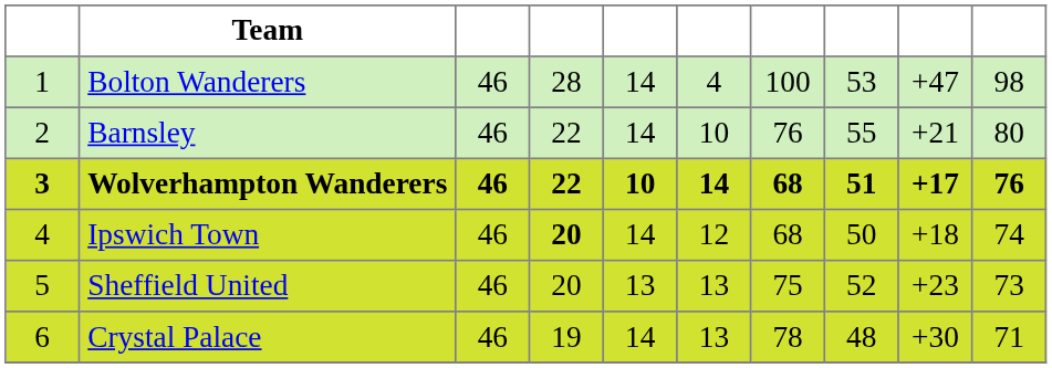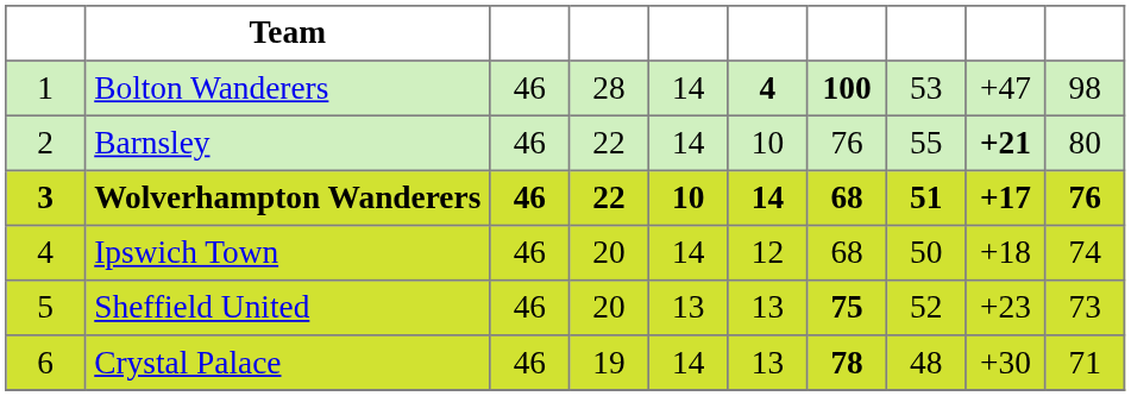 <table class="toccolours" border="1" cellpadding="4" cellspacing="0" style="text-align:center; border-collapse: collapse; margin:0;">
 <tr>
 <th width=30></th>
 <th>Team</th>
 <th width="30"></th>
 <th width="30"></th>
 <th width="30"></th>
 <th width="30"></th>
 <th width="30"></th>
 <th width="30"></th>
 <th width="30"></th>
 <th width="30"></th>
 </tr>
 <tr bgcolor="#D0F0C0">
 <td>1</td>
 <td align=left><a href='#'>Bolton Wanderers</a></td>
 <td>46</td>
 <td>28</td>
 <td>14</td>
-<td>4</td>
-<td>100</td>
+<td><strong>4</strong></td>
+<td><strong>100</strong></td>
 <td>53</td>
 <td>+47</td>
 <td>98</td>
 </tr>
 <tr bgcolor="#D0F0C0">
 <td>2</td>
 <td align=left><a href='#'>Barnsley</a></td>
 <td>46</td>
 <td>22</td>
 <td>14</td>
 <td>10</td>
 <td>76</td>
 <td>55</td>
-<td>+21</td>
+<td><strong>+21</strong></td>
 <td>80</td>
 </tr>
 <tr bgcolor="#D1E231">
 <td><strong>3</strong></td>
 <td align=left><strong>Wolverhampton Wanderers</strong></td>
 <td><strong>46</strong></td>
 <td><strong>22</strong></td>
 <td><strong>10</strong></td>
 <td><strong>14</strong></td>
 <td><strong>68</strong></td>
 <td><strong>51</strong></td>
 <td><strong>+17</strong></td>
 <td><strong>76</strong></td>
 </tr>
 <tr bgcolor="#D1E231">
 <td>4</td>
 <td align=left><a href='#'>Ipswich Town</a></td>
 <td>46</td>
-<td><strong>20</strong></td>
+<td>20</td>
 <td>14</td>
 <td>12</td>
 <td>68</td>
 <td>50</td>
 <td>+18</td>
 <td>74</td>
 </tr>
 <tr bgcolor="#D1E231">
 <td>5</td>
 <td align=left><a href='#'>Sheffield United</a></td>
 <td>46</td>
 <td>20</td>
 <td>13</td>
 <td>13</td>
-<td>75</td>
+<td><strong>75</strong></td>
 <td>52</td>
 <td>+23</td>
 <td>73</td>
 </tr>
 <tr bgcolor="#D1E231">
 <td>6</td>
 <td align=left><a href='#'>Crystal Palace</a></td>
 <td>46</td>
 <td>19</td>
 <td>14</td>
 <td>13</td>
-<td>78</td>
+<td><strong>78</strong></td>
 <td>48</td>
 <td>+30</td>
 <td>71</td>
 </tr>
 <tr>
 </tr>
 </table>
